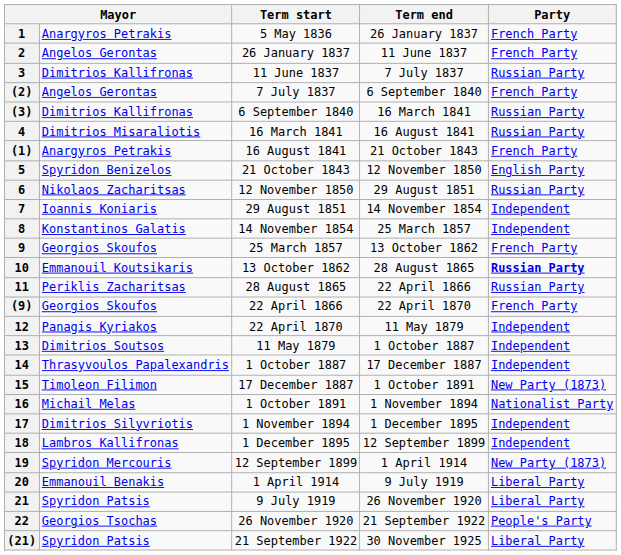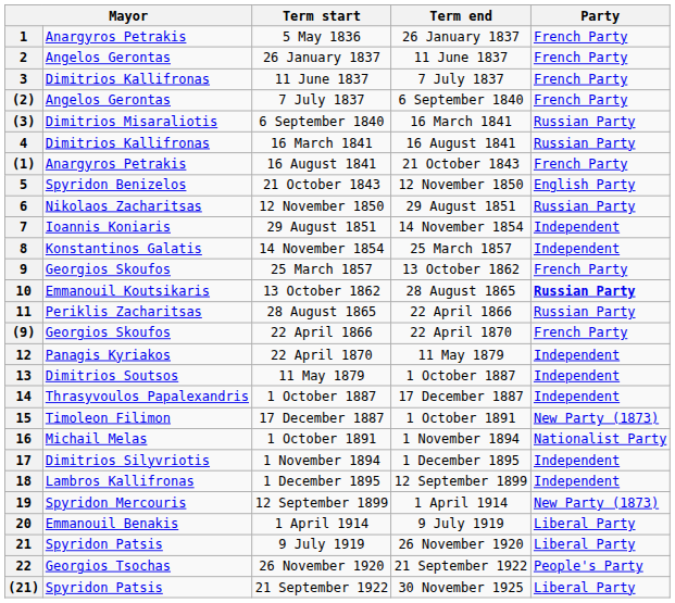 <table class="wikitable">
 <tr>
 <th colspan="2" class="unsortable">Mayor</th>
 <th>Term start</th>
 <th>Term end</th>
 <th>Party</th>
 </tr>
 <tr>
 <th style="background:">1</th>
 <td><a href='#'>Anargyros Petrakis</a></td>
 <td align=center>5 May 1836</td>
 <td align=center>26 January 1837</td>
 <td><a href='#'>French Party</a></td>
 </tr>
 <tr>
 <th style="background:">2</th>
 <td><a href='#'>Angelos Gerontas</a></td>
 <td align=center>26 January 1837</td>
 <td align=center>11 June 1837</td>
 <td><a href='#'>French Party</a></td>
 </tr>
 <tr>
 <th style="background:">3</th>
 <td><a href='#'>Dimitrios Kallifronas</a></td>
 <td align=center>11 June 1837</td>
 <td align=center>7 July 1837</td>
-<td><a href='#'>Russian Party</a></td>
+<td><a href='#'>French Party</a></td>
 </tr>
 <tr>
 <th style="background:">(2)</th>
 <td><a href='#'>Angelos Gerontas</a></td>
 <td align=center>7 July 1837</td>
 <td align=center>6 September 1840</td>
 <td><a href='#'>French Party</a></td>
 </tr>
 <tr>
 <th style="background:">(3)</th>
-<td><a href='#'>Dimitrios Kallifronas</a></td>
+<td><a href='#'>Dimitrios Misaraliotis</a></td>
 <td align=center>6 September 1840</td>
 <td align=center>16 March 1841</td>
 <td><a href='#'>Russian Party</a></td>
 </tr>
 <tr>
 <th style="background:">4</th>
-<td><a href='#'>Dimitrios Misaraliotis</a></td>
+<td><a href='#'>Dimitrios Kallifronas</a></td>
 <td align=center>16 March 1841</td>
 <td align=center>16 August 1841</td>
 <td><a href='#'>Russian Party</a></td>
 </tr>
 <tr>
 <th style="background:">(1)</th>
 <td><a href='#'>Anargyros Petrakis</a></td>
 <td align=center>16 August 1841</td>
 <td align=center>21 October 1843</td>
 <td><a href='#'>French Party</a></td>
 </tr>
 <tr>
 <th style="background:">5</th>
 <td><a href='#'>Spyridon Benizelos</a></td>
 <td align=center>21 October 1843</td>
 <td align=center>12 November 1850</td>
 <td><a href='#'>English Party</a></td>
 </tr>
 <tr>
 <th style="background:">6</th>
 <td><a href='#'>Nikolaos Zacharitsas</a></td>
 <td align=center>12 November 1850</td>
 <td align=center>29 August 1851</td>
 <td><a href='#'>Russian Party</a></td>
 </tr>
 <tr>
 <th style="background:">7</th>
 <td><a href='#'>Ioannis Koniaris</a></td>
 <td align=center>29 August 1851</td>
 <td align=center>14 November 1854</td>
 <td><a href='#'>Independent</a></td>
 </tr>
 <tr>
 <th style="background:">8</th>
 <td><a href='#'>Konstantinos Galatis</a></td>
 <td align=center>14 November 1854</td>
 <td align=center>25 March 1857</td>
 <td><a href='#'>Independent</a></td>
 </tr>
 <tr>
 <th style="background:">9</th>
 <td><a href='#'>Georgios Skoufos</a></td>
 <td align=center>25 March 1857</td>
 <td align=center>13 October 1862</td>
 <td><a href='#'>French Party</a></td>
 </tr>
 <tr>
 <th style="background:">10</th>
 <td><a href='#'>Emmanouil Koutsikaris</a></td>
 <td align=center>13 October 1862</td>
 <td align=center>28 August 1865</td>
 <td><strong><a href='#'>Russian Party</a></strong></td>
 </tr>
 <tr>
 <th style="background:">11</th>
 <td><a href='#'>Periklis Zacharitsas</a></td>
 <td align=center>28 August 1865</td>
 <td align=center>22 April 1866</td>
 <td><a href='#'>Russian Party</a></td>
 </tr>
 <tr>
 <th style="background:">(9)</th>
 <td><a href='#'>Georgios Skoufos</a></td>
 <td align=center>22 April 1866</td>
 <td align=center>22 April 1870</td>
 <td><a href='#'>French Party</a></td>
 </tr>
 <tr>
 <th style="background:">12</th>
 <td><a href='#'>Panagis Kyriakos</a></td>
 <td align=center>22 April 1870</td>
 <td align=center>11 May 1879</td>
 <td><a href='#'>Independent</a></td>
 </tr>
 <tr>
 <th style="background:">13</th>
 <td><a href='#'>Dimitrios Soutsos</a></td>
 <td align=center>11 May 1879</td>
 <td align=center>1 October 1887</td>
 <td><a href='#'>Independent</a></td>
 </tr>
 <tr>
 <th style="background:">14</th>
 <td><a href='#'>Thrasyvoulos Papalexandris</a></td>
 <td align=center>1 October 1887</td>
 <td align=center>17 December 1887</td>
 <td><a href='#'>Independent</a></td>
 </tr>
 <tr>
 <th style="background:">15</th>
 <td><a href='#'>Timoleon Filimon</a></td>
 <td align=center>17 December 1887</td>
 <td align=center>1 October 1891</td>
 <td><a href='#'>New Party (1873)</a></td>
 </tr>
 <tr>
 <th style="background:">16</th>
 <td><a href='#'>Michail Melas</a></td>
 <td align=center>1 October 1891</td>
 <td align=center>1 November 1894</td>
 <td><a href='#'>Nationalist Party</a></td>
 </tr>
 <tr>
 <th style="background:">17</th>
 <td><a href='#'>Dimitrios Silyvriotis</a></td>
 <td align=center>1 November 1894</td>
 <td align=center>1 December 1895</td>
 <td><a href='#'>Independent</a></td>
 </tr>
 <tr>
 <th style="background:">18</th>
 <td><a href='#'>Lambros Kallifronas</a></td>
 <td align=center>1 December 1895</td>
 <td align=center>12 September 1899</td>
 <td><a href='#'>Independent</a></td>
 </tr>
 <tr>
 <th style="background:">19</th>
 <td><a href='#'>Spyridon Mercouris</a></td>
 <td align=center>12 September 1899</td>
 <td align=center>1 April 1914</td>
 <td><a href='#'>New Party (1873)</a></td>
 </tr>
 <tr>
 <th style="background:">20</th>
 <td><a href='#'>Emmanouil Benakis</a></td>
 <td align=center>1 April 1914</td>
 <td align=center>9 July 1919</td>
 <td><a href='#'>Liberal Party</a></td>
 </tr>
 <tr>
 <th style="background:">21</th>
 <td><a href='#'>Spyridon Patsis</a></td>
 <td align=center>9 July 1919</td>
 <td align=center>26 November 1920</td>
 <td><a href='#'>Liberal Party</a></td>
 </tr>
 <tr>
 <th style="background:">22</th>
 <td><a href='#'>Georgios Tsochas</a></td>
 <td align=center>26 November 1920</td>
 <td align=center>21 September 1922</td>
 <td><a href='#'>People's Party</a></td>
 </tr>
 <tr>
 <th style="background:">(21)</th>
 <td><a href='#'>Spyridon Patsis</a></td>
 <td align=center>21 September 1922</td>
 <td align=center>30 November 1925</td>
 <td><a href='#'>Liberal Party</a></td>
 </tr>
 </table>
